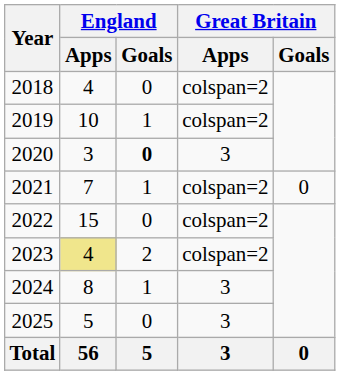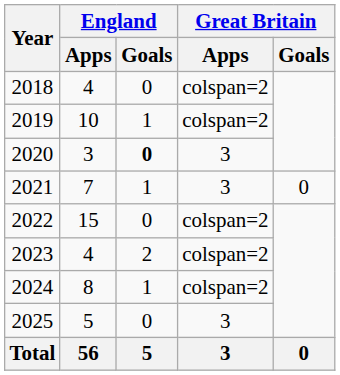 <table class="wikitable" style="text-align:center">
 <tr>
 <th rowspan=2>Year</th>
 <th colspan=2><a href='#'>England</a></th>
 <th colspan=2><a href='#'>Great Britain</a></th>
 </tr>
 <tr>
 <th>Apps</th>
 <th>Goals</th>
 <th>Apps</th>
 <th>Goals</th>
 </tr>
 <tr>
 <td>2018</td>
 <td>4</td>
 <td>0</td>
 <td>colspan=2</td>
 </tr>
 <tr>
 <td>2019</td>
 <td>10</td>
 <td>1</td>
 <td>colspan=2</td>
 </tr>
 <tr>
 <td>2020</td>
 <td>3</td>
 <td><strong>0</strong></td>
 <td>3</td>
 </tr>
 <tr>
 <td>2021</td>
 <td>7</td>
 <td>1</td>
-<td>colspan=2</td>
+<td>3</td>
 <td>0</td>
 </tr>
 <tr>
 <td>2022</td>
 <td>15</td>
 <td>0</td>
 <td>colspan=2</td>
 </tr>
 <tr>
 <td>2023</td>
-<td style="background: khaki;">4</td>
+<td>4</td>
 <td>2</td>
 <td>colspan=2</td>
 </tr>
 <tr>
 <td>2024</td>
 <td>8</td>
 <td>1</td>
-<td>3</td>
+<td>colspan=2</td>
 </tr>
 <tr>
 <td>2025</td>
 <td>5</td>
 <td>0</td>
 <td>3</td>
 </tr>
 <tr>
 <th>Total</th>
 <th>56</th>
 <th>5</th>
 <th>3</th>
 <th>0</th>
 </tr>
 </table>
